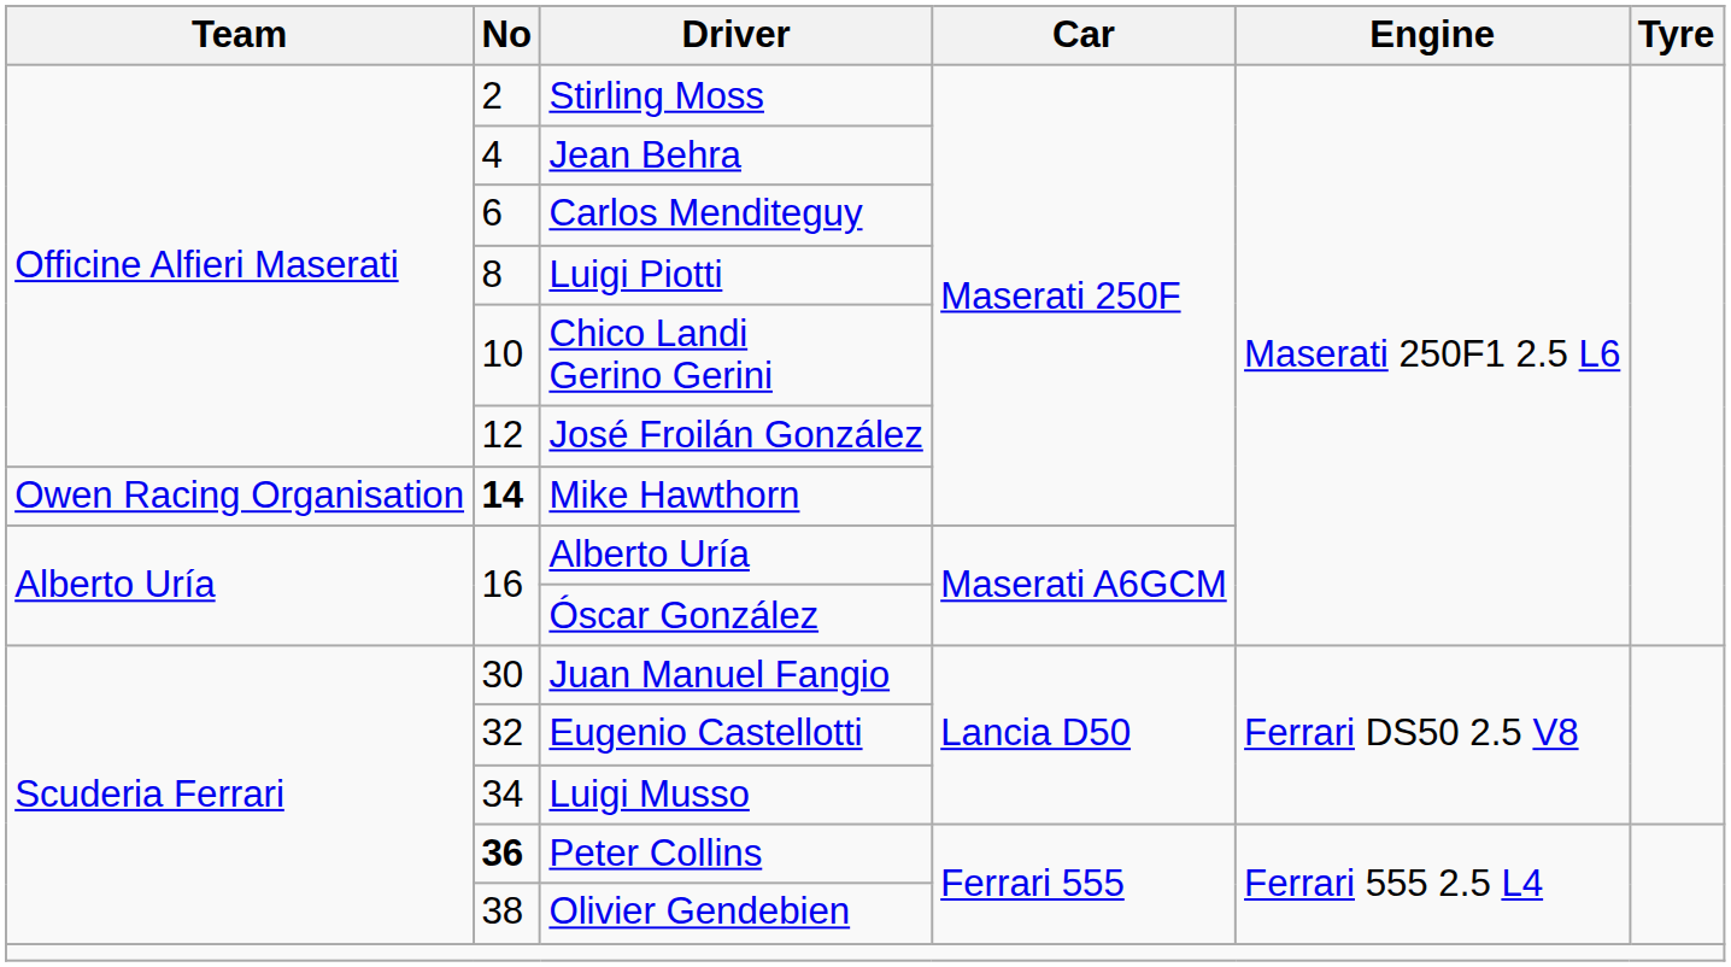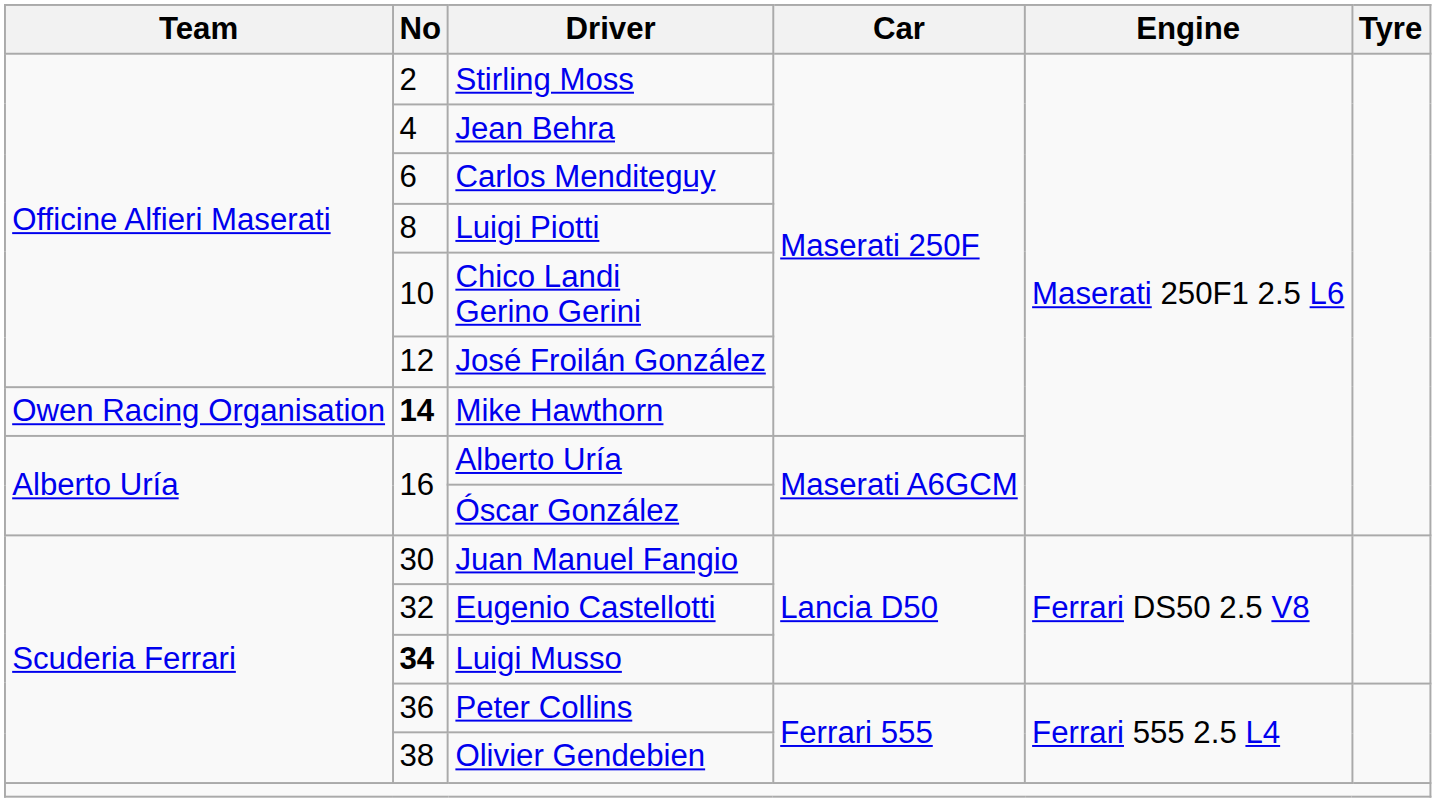 <table class="wikitable">
 <tr>
 <th>Team</th>
 <th>No</th>
 <th>Driver</th>
 <th>Car</th>
 <th>Engine</th>
 <th>Tyre</th>
 </tr>
 <tr>
 <td rowspan="6"> <a href='#'>Officine Alfieri Maserati</a></td>
 <td>2</td>
 <td> <a href='#'>Stirling Moss</a></td>
 <td rowspan="7"><a href='#'>Maserati 250F</a></td>
 <td rowspan="9"><a href='#'>Maserati</a> 250F1 2.5 <a href='#'>L6</a></td>
 <td rowspan="9"></td>
 </tr>
 <tr>
 <td>4</td>
 <td> <a href='#'>Jean Behra</a></td>
 </tr>
 <tr>
 <td>6</td>
 <td> <a href='#'>Carlos Menditeguy</a></td>
 </tr>
 <tr>
 <td>8</td>
 <td> <a href='#'>Luigi Piotti</a></td>
 </tr>
 <tr>
 <td>10</td>
 <td> <a href='#'>Chico Landi</a><br> <a href='#'>Gerino Gerini</a></td>
 </tr>
 <tr>
 <td>12</td>
 <td> <a href='#'>José Froilán González</a></td>
 </tr>
 <tr>
 <td> <a href='#'>Owen Racing Organisation</a></td>
 <td><strong>14</strong></td>
 <td> <a href='#'>Mike Hawthorn</a></td>
 </tr>
 <tr>
 <td rowspan="2"> <a href='#'>Alberto Uría</a></td>
 <td rowspan="2">16</td>
 <td> <a href='#'>Alberto Uría</a></td>
 <td rowspan="2"><a href='#'>Maserati A6GCM</a></td>
 </tr>
 <tr>
 <td> <a href='#'>Óscar González</a></td>
 </tr>
 <tr>
 <td rowspan="5"> <a href='#'>Scuderia Ferrari</a></td>
 <td>30</td>
 <td> <a href='#'>Juan Manuel Fangio</a></td>
 <td rowspan="3"><a href='#'>Lancia D50</a></td>
 <td rowspan="3"><a href='#'>Ferrari</a> DS50 2.5 <a href='#'>V8</a></td>
 <td rowspan="3"></td>
 </tr>
 <tr>
 <td>32</td>
 <td> <a href='#'>Eugenio Castellotti</a></td>
 </tr>
 <tr>
-<td>34</td>
+<td><strong>34</strong></td>
 <td> <a href='#'>Luigi Musso</a></td>
 </tr>
 <tr>
-<td><strong>36</strong></td>
+<td>36</td>
 <td> <a href='#'>Peter Collins</a></td>
 <td rowspan="2"><a href='#'>Ferrari 555</a></td>
 <td rowspan="2"><a href='#'>Ferrari</a> 555 2.5 <a href='#'>L4</a></td>
 <td rowspan="2"></td>
 </tr>
 <tr>
 <td>38</td>
 <td> <a href='#'>Olivier Gendebien</a></td>
 </tr>
 <tr>
 <td colspan=6></td>
 </tr>
 </table>
